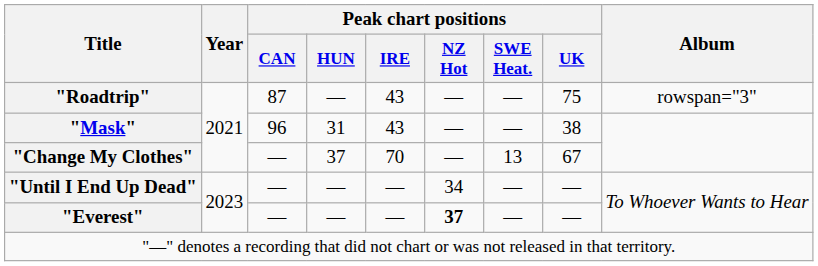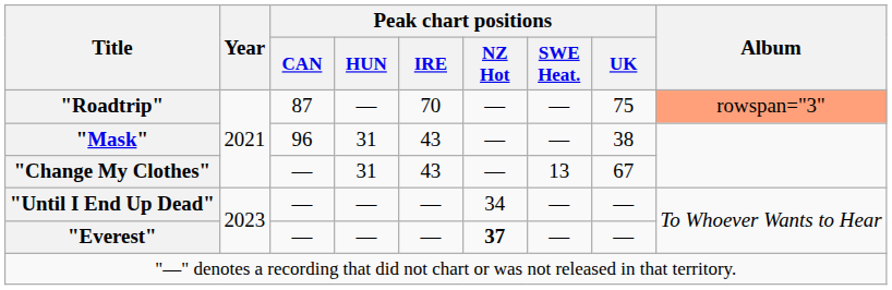 <table class="wikitable plainrowheaders" style="text-align:center;">
 <tr>
 <th scope="col" rowspan="2">Title</th>
 <th scope="col" rowspan="2">Year</th>
 <th scope="col" colspan="6">Peak chart positions</th>
 <th scope="col" rowspan="2">Album</th>
 </tr>
 <tr>
 <th scope="col" style="width:3em;font-size:90%;"><a href='#'>CAN</a><br></th>
 <th scope="col" style="width:3em;font-size:90%;"><a href='#'>HUN</a><br></th>
 <th scope="col" style="width:3em;font-size:90%;"><a href='#'>IRE</a><br></th>
 <th scope="col" style="width:3em;font-size:90%;"><a href='#'>NZ<br>Hot</a><br></th>
 <th scope="col" style="width:3em;font-size:90%;"><a href='#'>SWE<br>Heat.</a><br></th>
 <th scope="col" style="width:3em;font-size:90%;"><a href='#'>UK</a><br></th>
 </tr>
 <tr>
 <th scope="row">"Roadtrip"<br></th>
 <td rowspan="3">2021</td>
 <td>87</td>
 <td>—</td>
-<td>43</td>
+<td>70</td>
 <td>—</td>
 <td>—</td>
 <td>75</td>
-<td>rowspan="3" </td>
+<td style="background: lightsalmon;">rowspan="3" </td>
 </tr>
 <tr>
 <th scope="row">"<a href='#'>Mask</a>"</th>
 <td>96</td>
 <td>31</td>
 <td>43</td>
 <td>—</td>
 <td>—</td>
 <td>38</td>
 </tr>
 <tr>
 <th scope="row">"Change My Clothes"<br></th>
 <td>—</td>
-<td>37</td>
-<td>70</td>
+<td>31</td>
+<td>43</td>
 <td>—</td>
 <td>13</td>
 <td>67</td>
 </tr>
 <tr>
 <th scope="row">"Until I End Up Dead"</th>
 <td rowspan="2">2023</td>
 <td>—</td>
 <td>—</td>
 <td>—</td>
 <td>34</td>
 <td>—</td>
 <td>—</td>
 <td rowspan="2"><em>To Whoever Wants to Hear</em></td>
 </tr>
 <tr>
 <th scope="row">"Everest"<br></th>
 <td>—</td>
 <td>—</td>
 <td>—</td>
 <td><strong>37</strong></td>
 <td>—</td>
 <td>—</td>
 </tr>
 <tr>
 <td colspan="9" style="font-size:90%">"—" denotes a recording that did not chart or was not released in that territory.</td>
 </tr>
 </table>
